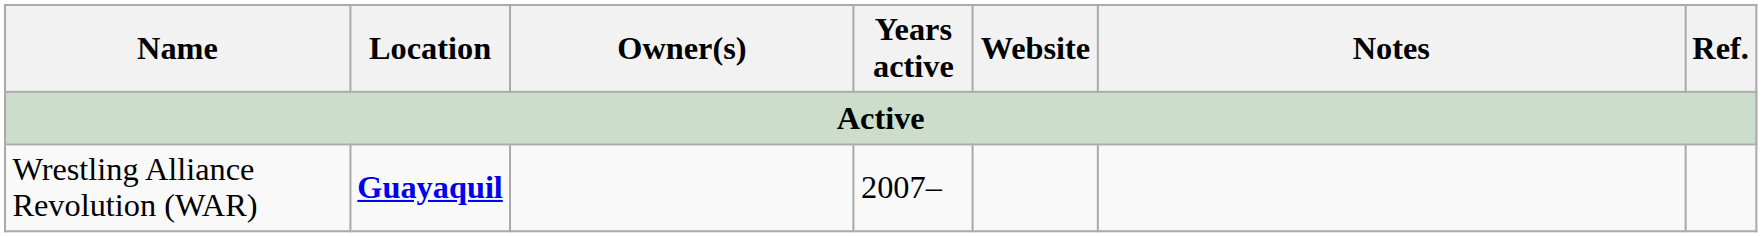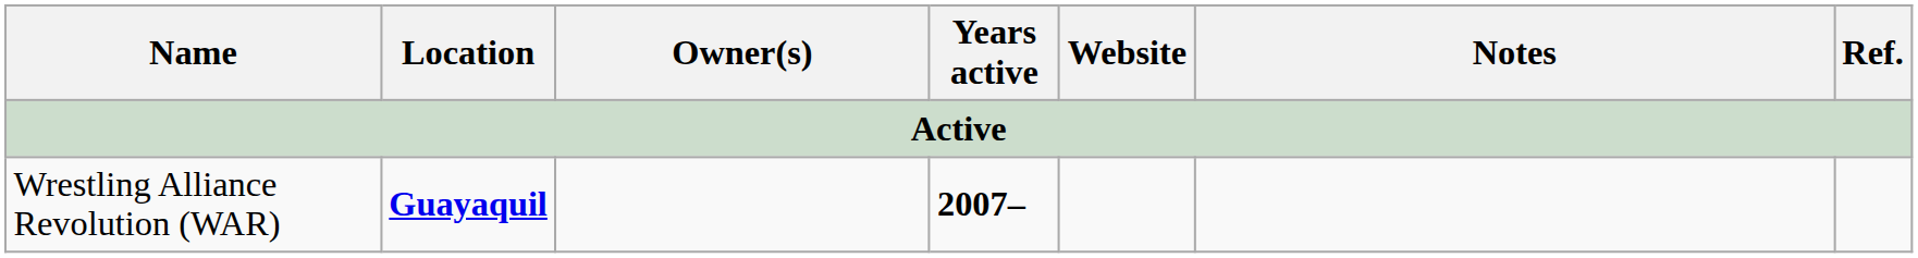 <table class="wikitable sortable" style="text-align: left;">
 <tr>
 <th width="21%">Name</th>
 <th width="7%">Location</th>
 <th width="21%">Owner(s)</th>
 <th width="7%">Years active</th>
 <th width="7%">Website</th>
 <th width="55%">Notes</th>
 <th>Ref.</th>
 </tr>
 <tr>
 <td colspan=7 style="background: #ccddcc;" align=center><strong>Active</strong></td>
 </tr>
 <tr>
 <td>Wrestling Alliance Revolution (WAR)</td>
 <td><strong><a href='#'>Guayaquil</a></strong></td>
 <td></td>
-<td>2007–</td>
+<td><strong>2007–</strong></td>
 <td></td>
 <td></td>
 <td></td>
 </tr>
 </table>
